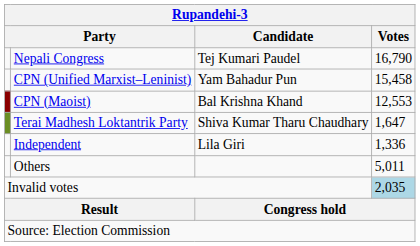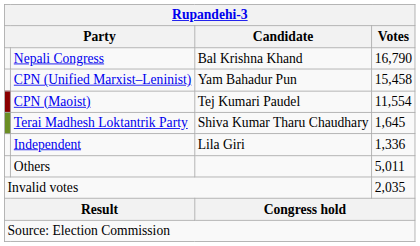 <table class="wikitable">
 <tr>
 <th colspan="4"><a href='#'>Rupandehi-3</a></th>
 </tr>
 <tr>
 <th colspan="2">Party</th>
 <th>Candidate</th>
 <th>Votes</th>
 </tr>
 <tr>
 <td style="background-color:"></td>
 <td><a href='#'>Nepali Congress</a></td>
-<td>Tej Kumari Paudel</td>
+<td>Bal Krishna Khand</td>
 <td>16,790</td>
 </tr>
 <tr>
 <td style="background-color:"></td>
 <td><a href='#'>CPN (Unified Marxist–Leninist)</a></td>
 <td>Yam Bahadur Pun</td>
 <td>15,458</td>
 </tr>
 <tr>
 <td style="background-color:darkred"></td>
 <td><a href='#'>CPN (Maoist)</a></td>
-<td>Bal Krishna Khand</td>
-<td>12,553</td>
+<td>Tej Kumari Paudel</td>
+<td>11,554</td>
 </tr>
 <tr>
 <td style="background-color:olivedrab"></td>
 <td><a href='#'>Terai Madhesh Loktantrik Party</a></td>
 <td>Shiva Kumar Tharu Chaudhary</td>
-<td>1,647</td>
+<td>1,645</td>
 </tr>
 <tr>
 <td style="background-color:"></td>
 <td><a href='#'>Independent</a></td>
 <td>Lila Giri</td>
 <td>1,336</td>
 </tr>
 <tr>
 <td></td>
 <td>Others</td>
 <td></td>
 <td>5,011</td>
 </tr>
 <tr>
 <td colspan="3">Invalid votes</td>
-<td style="background: lightblue;">2,035</td>
+<td>2,035</td>
 </tr>
 <tr>
 <th colspan="2">Result</th>
 <th colspan="2">Congress hold</th>
 </tr>
 <tr>
 <td colspan="4">Source: Election Commission</td>
 </tr>
 </table>
